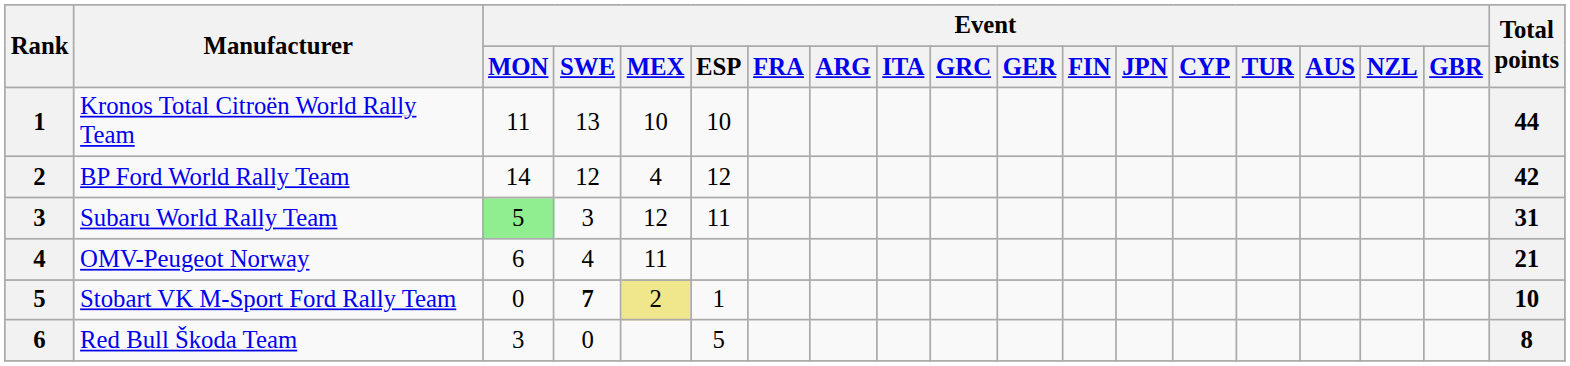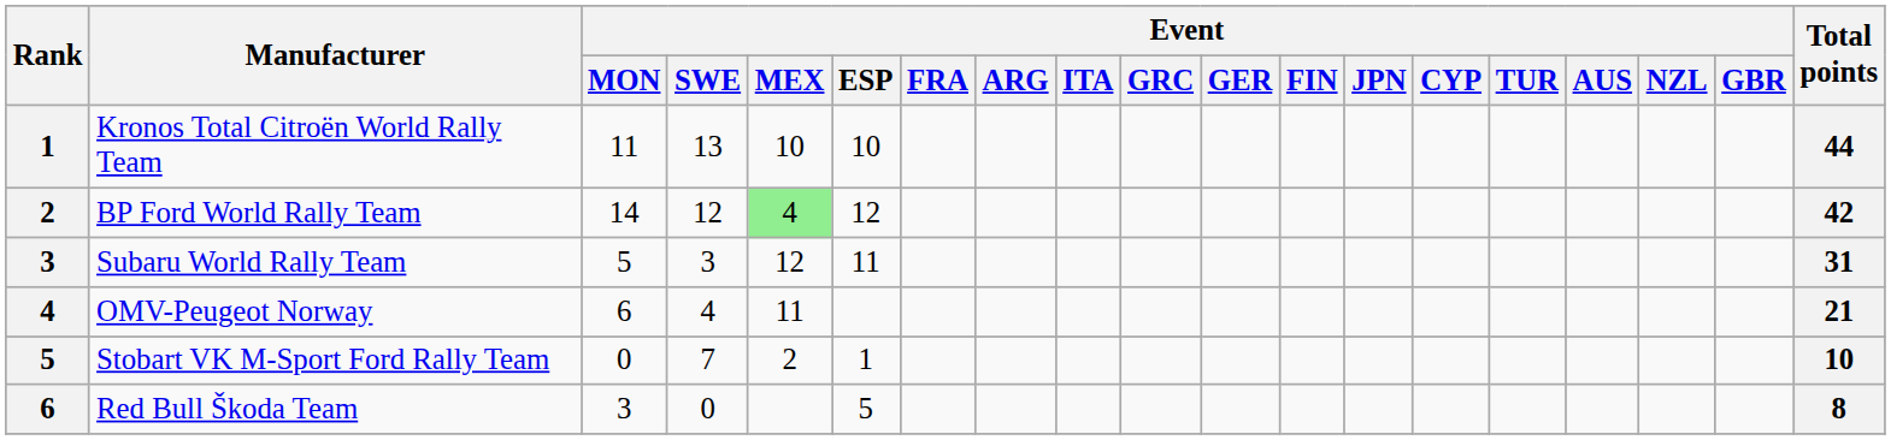 <table class="wikitable" style="text-align:center; font-size:90%;">
 <tr>
 <th rowspan=2>Rank</th>
 <th rowspan=2 style="width:16em">Manufacturer</th>
 <th colspan=16>Event</th>
 <th rowspan=2>Total<br>points</th>
 </tr>
 <tr valign="top">
 <th><a href='#'>MON</a><br></th>
 <th><a href='#'>SWE</a><br></th>
 <th><a href='#'>MEX</a><br></th>
 <th>ESP<br></th>
 <th><a href='#'>FRA</a><br></th>
 <th><a href='#'>ARG</a><br></th>
 <th><a href='#'>ITA</a><br></th>
 <th><a href='#'>GRC</a><br></th>
 <th><a href='#'>GER</a><br></th>
 <th><a href='#'>FIN</a><br></th>
 <th><a href='#'>JPN</a><br></th>
 <th><a href='#'>CYP</a><br></th>
 <th><a href='#'>TUR</a><br></th>
 <th><a href='#'>AUS</a><br></th>
 <th><a href='#'>NZL</a><br></th>
 <th><a href='#'>GBR</a><br></th>
 </tr>
 <tr>
 <th>1</th>
 <td align=left><a href='#'>Kronos Total Citroën World Rally Team</a></td>
 <td>11</td>
 <td>13</td>
 <td>10</td>
 <td>10</td>
 <td></td>
 <td></td>
 <td></td>
 <td></td>
 <td></td>
 <td></td>
 <td></td>
 <td></td>
 <td></td>
 <td></td>
 <td></td>
 <td></td>
 <th>44</th>
 </tr>
 <tr>
 <th>2</th>
 <td align=left><a href='#'>BP Ford World Rally Team</a></td>
 <td>14</td>
 <td>12</td>
-<td>4</td>
+<td style="background: lightgreen;">4</td>
 <td>12</td>
 <td></td>
 <td></td>
 <td></td>
 <td></td>
 <td></td>
 <td></td>
 <td></td>
 <td></td>
 <td></td>
 <td></td>
 <td></td>
 <td></td>
 <th>42</th>
 </tr>
 <tr>
 <th>3</th>
 <td align=left><a href='#'>Subaru World Rally Team</a></td>
-<td style="background: lightgreen;">5</td>
+<td>5</td>
 <td>3</td>
 <td>12</td>
 <td>11</td>
 <td></td>
 <td></td>
 <td></td>
 <td></td>
 <td></td>
 <td></td>
 <td></td>
 <td></td>
 <td></td>
 <td></td>
 <td></td>
 <td></td>
 <th>31</th>
 </tr>
 <tr>
 <th>4</th>
 <td align=left><a href='#'>OMV-Peugeot Norway</a></td>
 <td>6</td>
 <td>4</td>
 <td>11</td>
 <td></td>
 <td></td>
 <td></td>
 <td></td>
 <td></td>
 <td></td>
 <td></td>
 <td></td>
 <td></td>
 <td></td>
 <td></td>
 <td></td>
 <td></td>
 <th>21</th>
 </tr>
 <tr>
 <th>5</th>
 <td align=left><a href='#'>Stobart VK M-Sport Ford Rally Team</a></td>
 <td>0</td>
-<td><strong>7</strong></td>
-<td style="background: khaki;">2</td>
+<td>7</td>
+<td>2</td>
 <td>1</td>
 <td></td>
 <td></td>
 <td></td>
 <td></td>
 <td></td>
 <td></td>
 <td></td>
 <td></td>
 <td></td>
 <td></td>
 <td></td>
 <td></td>
 <th>10</th>
 </tr>
 <tr>
 <th>6</th>
 <td align=left><a href='#'>Red Bull Škoda Team</a></td>
 <td>3</td>
 <td>0</td>
 <td></td>
 <td>5</td>
 <td></td>
 <td></td>
 <td></td>
 <td></td>
 <td></td>
 <td></td>
 <td></td>
 <td></td>
 <td></td>
 <td></td>
 <td></td>
 <td></td>
 <th>8</th>
 </tr>
 </table>
